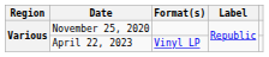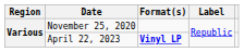 <table class="wikitable plainrowheaders">
 <tr>
 <th scope="col">Region</th>
 <th scope="col">Date</th>
 <th scope="col">Format(s)</th>
 <th scope="col">Label</th>
 <th scope="col"></th>
 </tr>
 <tr>
 <th rowspan="2" scope="row">Various</th>
 <td>November 25, 2020</td>
 <td></td>
 <td rowspan="2"><a href='#'>Republic</a></td>
 <td style="text-align:center;"></td>
 </tr>
 <tr>
 <td>April 22, 2023</td>
-<td><a href='#'>Vinyl LP</a></td>
+<td><strong><a href='#'>Vinyl LP</a></strong></td>
 <td style="text-align:center;"></td>
 </tr>
 </table>
